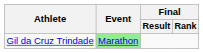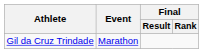 <table class=wikitable style="font-size:90%">
 <tr>
 <th rowspan="2">Athlete</th>
 <th rowspan="2">Event</th>
 <th colspan="2">Final</th>
 </tr>
 <tr style="font-size:95%">
 <th>Result</th>
 <th>Rank</th>
 </tr>
 <tr align=center>
 <td align=left><a href='#'>Gil da Cruz Trindade</a></td>
-<td align=left style="background: lightgreen;"><a href='#'>Marathon</a></td>
+<td align=left><a href='#'>Marathon</a></td>
 <td colspan=2></td>
 </tr>
 </table>
